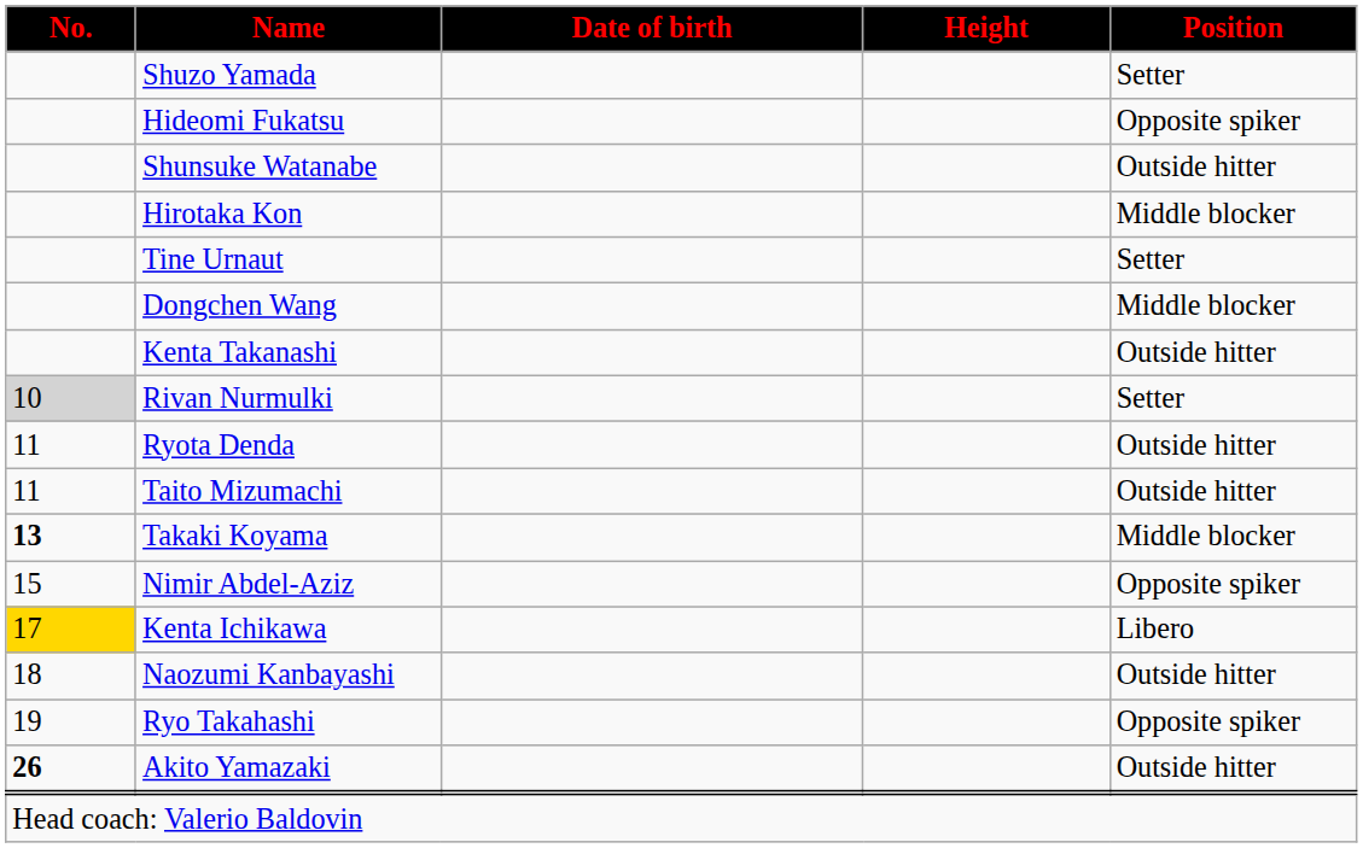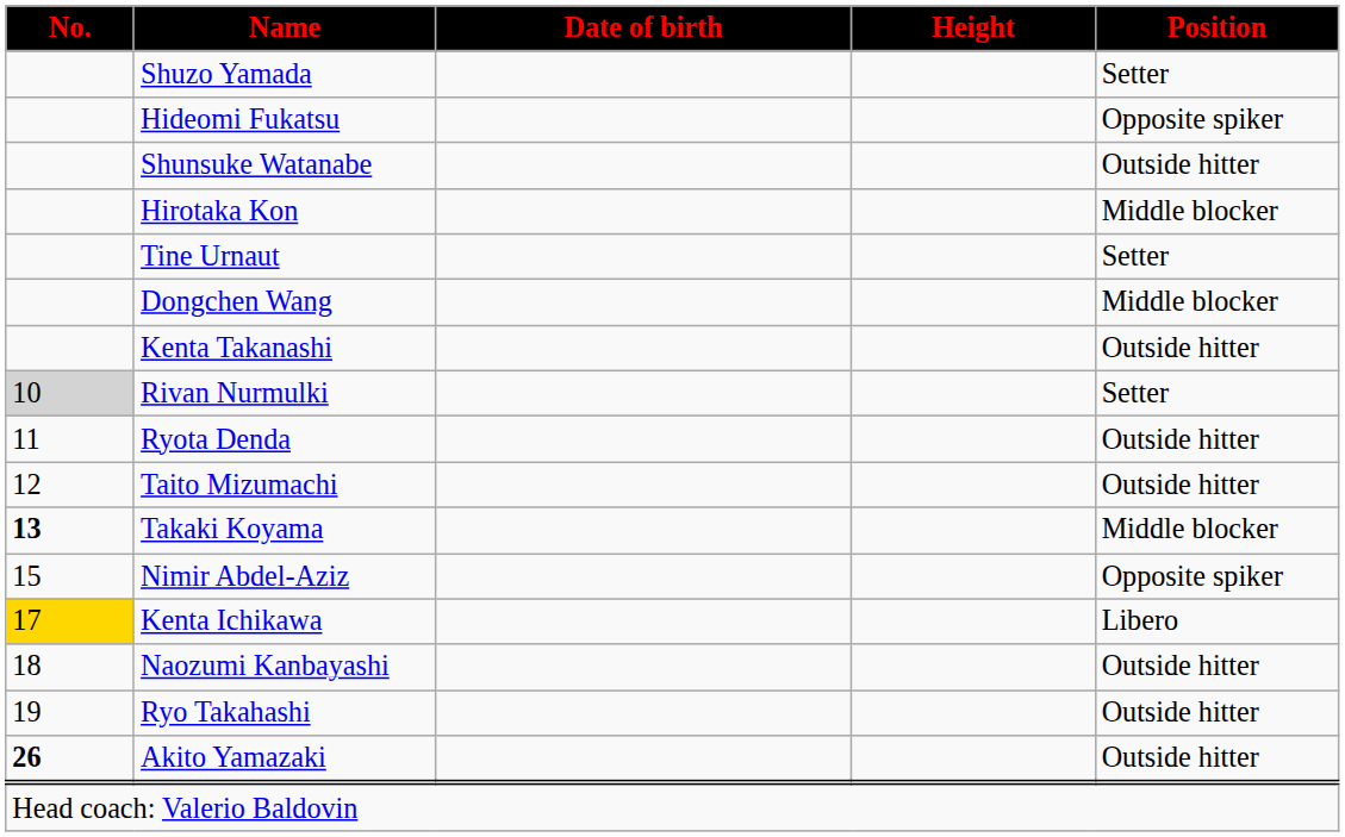 <table class="wikitable sortable" style="font-size:">
 <tr>
 <th style="width:4em; color:red; background-color:black">No.</th>
 <th style="width:10em; color:red; background-color:black">Name</th>
 <th style="width:14em; color:red; background-color:black">Date of birth</th>
 <th style="width:8em; color:red; background-color:black">Height</th>
 <th style="width:8em; color:red; background-color:black">Position</th>
 </tr>
 <tr>
 <td></td>
 <td style="text-align:left;"><a href='#'>Shuzo Yamada</a></td>
 <td style="text-align:right;"></td>
 <td></td>
 <td>Setter</td>
 </tr>
 <tr>
 <td></td>
 <td style="text-align:left;"><a href='#'>Hideomi Fukatsu</a></td>
 <td style="text-align:right;"></td>
 <td></td>
 <td>Opposite spiker</td>
 </tr>
 <tr>
 <td></td>
 <td style="text-align:left;"><a href='#'>Shunsuke Watanabe</a></td>
 <td style="text-align:right;"></td>
 <td></td>
 <td>Outside hitter</td>
 </tr>
 <tr>
 <td></td>
 <td style="text-align:left;"><a href='#'>Hirotaka Kon</a></td>
 <td style="text-align:right;"></td>
 <td></td>
 <td>Middle blocker</td>
 </tr>
 <tr>
 <td></td>
 <td style="text-align:left;"><a href='#'>Tine Urnaut</a></td>
 <td style="text-align:right;"></td>
 <td></td>
 <td>Setter</td>
 </tr>
 <tr>
 <td></td>
 <td style="text-align:left;"><a href='#'>Dongchen Wang</a></td>
 <td style="text-align:right;"></td>
 <td></td>
 <td>Middle blocker</td>
 </tr>
 <tr>
 <td></td>
 <td style="text-align:left;"><a href='#'>Kenta Takanashi</a></td>
 <td style="text-align:right;"></td>
 <td></td>
 <td>Outside hitter</td>
 </tr>
 <tr>
 <td style="background: lightgrey;">10</td>
 <td align=left><a href='#'>Rivan Nurmulki</a></td>
 <td align=right></td>
 <td></td>
 <td>Setter</td>
 </tr>
 <tr>
 <td>11</td>
 <td style="text-align:left;"><a href='#'>Ryota Denda</a></td>
 <td style="text-align:right;"></td>
 <td></td>
 <td>Outside hitter</td>
 </tr>
 <tr>
-<td>11</td>
+<td>12</td>
 <td style="text-align:left;"><a href='#'>Taito Mizumachi</a></td>
 <td style="text-align:right;"></td>
 <td></td>
 <td>Outside hitter</td>
 </tr>
 <tr>
 <td><strong>13</strong></td>
 <td style="text-align:left;"><a href='#'>Takaki Koyama</a></td>
 <td align=right></td>
 <td></td>
 <td>Middle blocker</td>
 </tr>
 <tr>
 <td>15</td>
 <td align=left><a href='#'>Nimir Abdel-Aziz</a></td>
 <td align=right></td>
 <td></td>
 <td>Opposite spiker</td>
 </tr>
 <tr>
 <td style="background: gold;">17</td>
 <td align=left><a href='#'>Kenta Ichikawa</a></td>
 <td align=right></td>
 <td></td>
 <td>Libero</td>
 </tr>
 <tr>
 <td>18</td>
 <td align=left><a href='#'>Naozumi Kanbayashi</a></td>
 <td align=right></td>
 <td></td>
 <td>Outside hitter</td>
 </tr>
 <tr>
 <td>19</td>
 <td align=left><a href='#'>Ryo Takahashi</a></td>
 <td align=right></td>
 <td></td>
-<td>Opposite spiker</td>
+<td>Outside hitter</td>
 </tr>
 <tr>
 <td><strong>26</strong></td>
 <td align=left><a href='#'>Akito Yamazaki</a></td>
 <td align=right></td>
 <td></td>
 <td>Outside hitter</td>
 </tr>
 <tr>
 <td style="border-top:double;"colspan=5>Head coach:  <a href='#'>Valerio Baldovin</a></td>
 </tr>
 </table>
